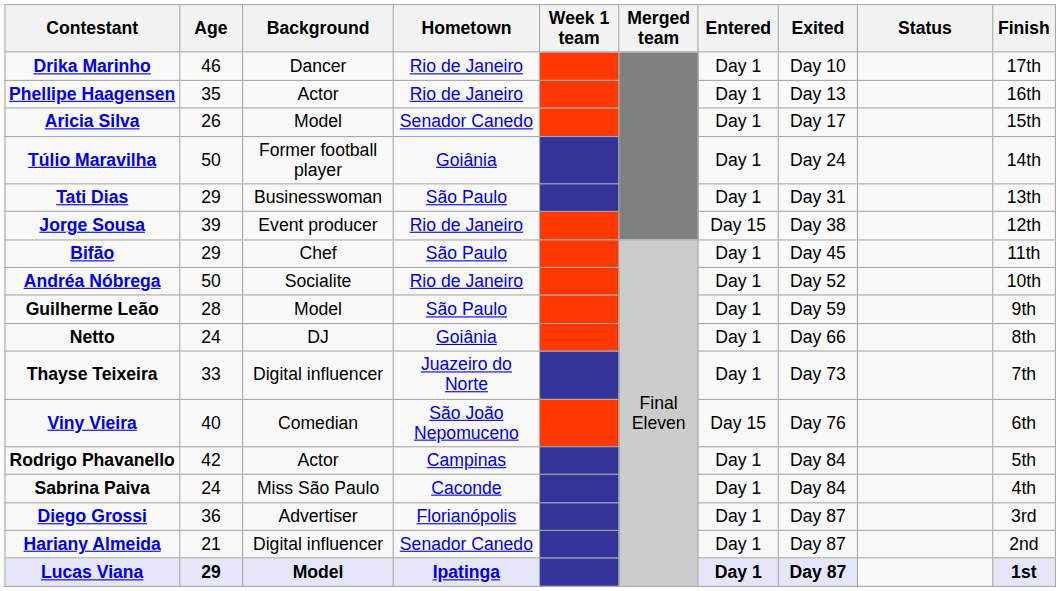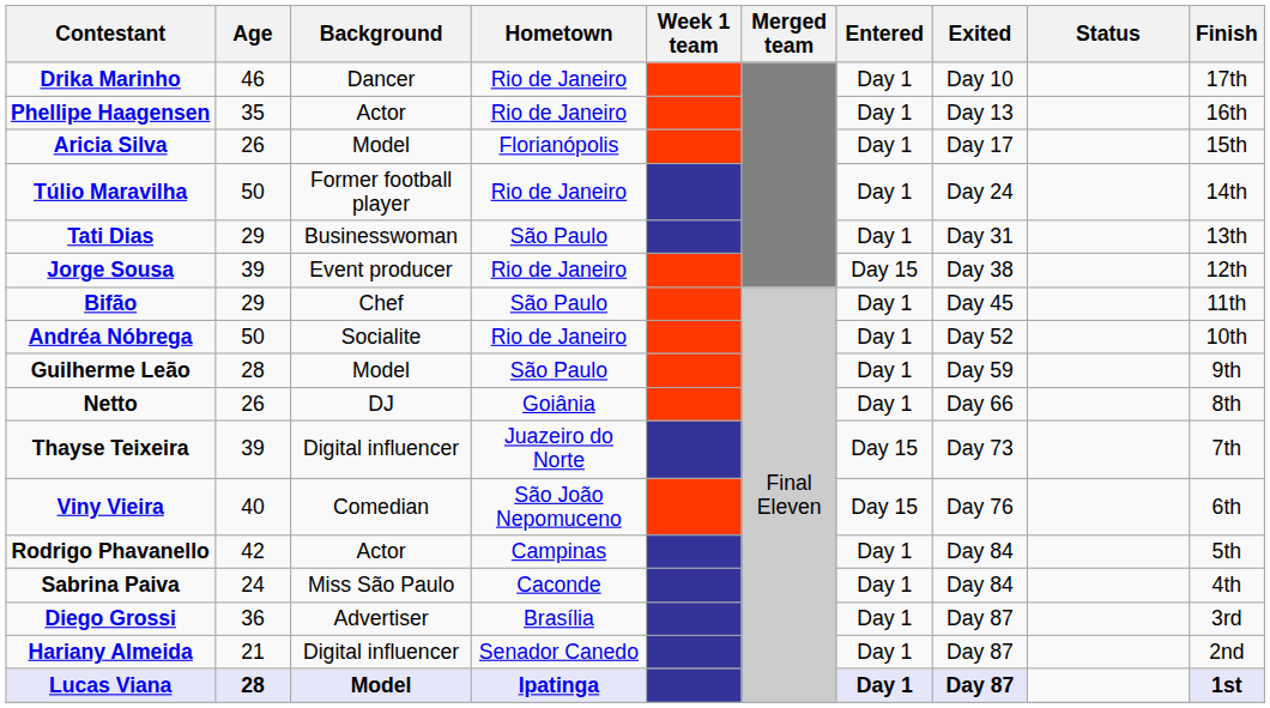 <table class= "wikitable sortable" style="text-align: center; margin:auto; align: center">
 <tr>
 <th width=145>Contestant</th>
 <th width=050>Age</th>
 <th width=130>Background</th>
 <th width=125>Hometown</th>
 <th width=065>Week 1<br>team</th>
 <th width=065>Merged<br>team</th>
 <th width=065>Entered</th>
 <th width=065>Exited</th>
 <th width=115>Status</th>
 <th width=050>Finish</th>
 </tr>
 <tr>
 <td><strong><a href='#'>Drika Marinho</a></strong></td>
 <td>46</td>
 <td>Dancer</td>
 <td><a href='#'>Rio de Janeiro</a></td>
 <td bgcolor=FF3800></td>
 <td bgcolor=gray rowspan=6></td>
 <td>Day 1</td>
 <td>Day 10</td>
 <td><br></td>
 <td>17th</td>
 </tr>
 <tr>
 <td nowrap><strong><a href='#'>Phellipe Haagensen</a></strong></td>
 <td>35</td>
 <td>Actor</td>
 <td><a href='#'>Rio de Janeiro</a></td>
 <td bgcolor=FF3800></td>
 <td>Day 1</td>
 <td>Day 13</td>
 <td> <br></td>
 <td>16th</td>
 </tr>
 <tr>
 <td><strong><a href='#'>Aricia Silva</a></strong></td>
 <td>26</td>
 <td>Model</td>
-<td><a href='#'>Senador Canedo</a></td>
+<td><a href='#'>Florianópolis</a></td>
 <td bgcolor=FF3800></td>
 <td>Day 1</td>
 <td>Day 17</td>
 <td><br></td>
 <td>15th</td>
 </tr>
 <tr>
 <td><strong><a href='#'>Túlio Maravilha</a></strong></td>
 <td>50</td>
 <td>Former football player</td>
-<td><a href='#'>Goiânia</a></td>
+<td><a href='#'>Rio de Janeiro</a></td>
 <td bgcolor=333399></td>
 <td>Day 1</td>
 <td>Day 24</td>
 <td><br></td>
 <td>14th</td>
 </tr>
 <tr>
 <td><strong><a href='#'>Tati Dias</a></strong></td>
 <td>29</td>
 <td>Businesswoman</td>
 <td><a href='#'>São Paulo</a></td>
 <td bgcolor=333399></td>
 <td>Day 1</td>
 <td>Day 31</td>
 <td><br></td>
 <td>13th</td>
 </tr>
 <tr>
 <td><strong><a href='#'>Jorge Sousa</a></strong></td>
 <td>39</td>
 <td>Event producer</td>
 <td><a href='#'>Rio de Janeiro</a></td>
 <td bgcolor=FF3800></td>
 <td>Day 15</td>
 <td>Day 38</td>
 <td><br></td>
 <td>12th</td>
 </tr>
 <tr>
 <td><strong><a href='#'>Bifão</a></strong></td>
 <td>29</td>
 <td>Chef</td>
 <td><a href='#'>São Paulo</a></td>
 <td bgcolor=FF3800></td>
 <td rowspan="11" bgcolor="CCCCCC"><div>Final Eleven</div></td>
 <td>Day 1</td>
 <td>Day 45</td>
 <td><br></td>
 <td>11th</td>
 </tr>
 <tr>
 <td><strong><a href='#'>Andréa Nóbrega</a></strong></td>
 <td>50</td>
 <td>Socialite</td>
 <td><a href='#'>Rio de Janeiro</a></td>
 <td bgcolor=FF3800></td>
 <td>Day 1</td>
 <td>Day 52</td>
 <td><br></td>
 <td>10th</td>
 </tr>
 <tr>
 <td><strong>Guilherme Leão</strong></td>
 <td>28</td>
 <td>Model</td>
 <td><a href='#'>São Paulo</a></td>
 <td bgcolor=FF3800></td>
 <td>Day 1</td>
 <td>Day 59</td>
 <td><br></td>
 <td>9th</td>
 </tr>
 <tr>
 <td><strong>Netto</strong></td>
-<td>24</td>
+<td>26</td>
 <td>DJ</td>
 <td><a href='#'>Goiânia</a></td>
 <td bgcolor=FF3800></td>
 <td>Day 1</td>
 <td>Day 66</td>
 <td><br></td>
 <td>8th</td>
 </tr>
 <tr>
 <td><strong>Thayse Teixeira</strong></td>
-<td>33</td>
+<td>39</td>
 <td>Digital influencer</td>
 <td><a href='#'>Juazeiro do Norte</a></td>
 <td bgcolor=333399></td>
-<td>Day 1</td>
+<td>Day 15</td>
 <td>Day 73</td>
 <td><br></td>
 <td>7th</td>
 </tr>
 <tr>
 <td><strong><a href='#'>Viny Vieira</a></strong></td>
 <td>40</td>
 <td>Comedian</td>
 <td><a href='#'>São João Nepomuceno</a></td>
 <td bgcolor=FF3800></td>
 <td>Day 15</td>
 <td>Day 76</td>
 <td><br></td>
 <td>6th</td>
 </tr>
 <tr>
 <td><strong>Rodrigo Phavanello</strong></td>
 <td>42</td>
 <td>Actor</td>
 <td><a href='#'>Campinas</a></td>
 <td bgcolor=333399></td>
 <td>Day 1</td>
 <td>Day 84</td>
 <td><br></td>
 <td>5th</td>
 </tr>
 <tr>
 <td><strong>Sabrina Paiva</strong></td>
 <td>24</td>
 <td>Miss São Paulo</td>
 <td><a href='#'>Caconde</a></td>
 <td bgcolor=333399></td>
 <td>Day 1</td>
 <td>Day 84</td>
 <td><br></td>
 <td>4th</td>
 </tr>
 <tr>
 <td><strong><a href='#'>Diego Grossi</a></strong></td>
 <td>36</td>
 <td>Advertiser</td>
-<td><a href='#'>Florianópolis</a></td>
+<td><a href='#'>Brasília</a></td>
 <td bgcolor="333399"></td>
 <td>Day 1</td>
 <td>Day 87</td>
 <td><br></td>
 <td>3rd</td>
 </tr>
 <tr>
 <td><strong><a href='#'>Hariany Almeida</a></strong></td>
 <td>21</td>
 <td>Digital influencer</td>
 <td><a href='#'>Senador Canedo</a></td>
 <td bgcolor="333399"></td>
 <td>Day 1</td>
 <td>Day 87</td>
 <td><br></td>
 <td>2nd</td>
 </tr>
 <tr>
 <td bgcolor="E6E6FA"><strong><a href='#'>Lucas Viana</a></strong></td>
-<td bgcolor="E6E6FA"><strong>29</strong></td>
+<td bgcolor="E6E6FA"><strong>28</strong></td>
 <td bgcolor="E6E6FA"><strong>Model</strong></td>
 <td bgcolor="E6E6FA"><strong><a href='#'>Ipatinga</a></strong></td>
 <td bgcolor="333399"></td>
 <td bgcolor="E6E6FA"><strong>Day 1</strong></td>
 <td bgcolor="E6E6FA"><strong>Day 87</strong></td>
 <td><br></td>
 <td bgcolor="E6E6FA"><strong>1st</strong></td>
 </tr>
 <tr>
 </tr>
 </table>
